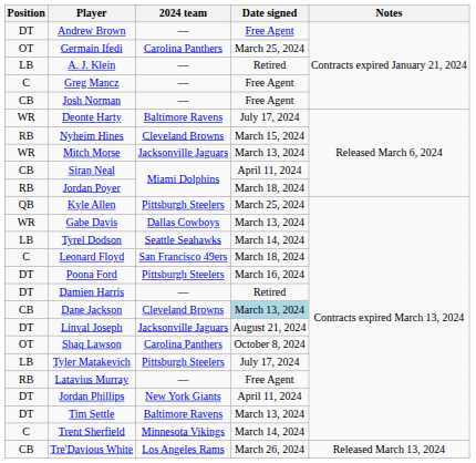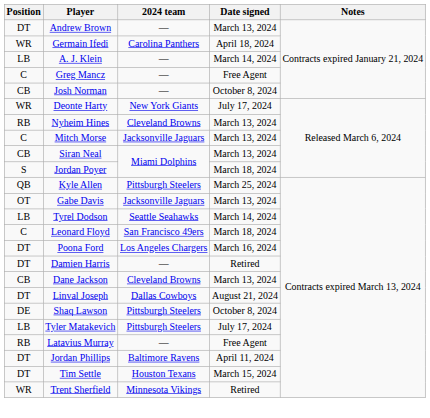 <table class="wikitable sortable" style="text-align:center">
 <tr>
 <th>Position</th>
 <th>Player</th>
 <th>2024 team</th>
 <th>Date signed</th>
 <th>Notes</th>
 </tr>
 <tr>
 <td>DT</td>
 <td><a href='#'>Andrew Brown</a></td>
 <td>—</td>
-<td><a href='#'>Free Agent</a></td>
+<td>March 13, 2024</td>
 <td rowspan=5>Contracts expired January 21, 2024</td>
 </tr>
 <tr>
-<td>OT</td>
+<td>WR</td>
 <td><a href='#'>Germain Ifedi</a></td>
 <td><a href='#'>Carolina Panthers</a></td>
-<td>March 25, 2024</td>
+<td>April 18, 2024</td>
 </tr>
 <tr>
 <td>LB</td>
 <td><a href='#'>A. J. Klein</a></td>
 <td>—</td>
-<td>Retired</td>
+<td>March 14, 2024</td>
 </tr>
 <tr>
 <td>C</td>
 <td><a href='#'>Greg Mancz</a></td>
 <td>—</td>
 <td>Free Agent</td>
 </tr>
 <tr>
 <td>CB</td>
 <td><a href='#'>Josh Norman</a></td>
 <td>—</td>
-<td>Free Agent</td>
+<td>October 8, 2024</td>
 </tr>
 <tr>
 <td>WR</td>
 <td><a href='#'>Deonte Harty</a></td>
-<td><a href='#'>Baltimore Ravens</a></td>
+<td><a href='#'>New York Giants</a></td>
 <td>July 17, 2024</td>
 <td rowspan=5>Released March 6, 2024</td>
 </tr>
 <tr>
 <td>RB</td>
 <td><a href='#'>Nyheim Hines</a></td>
 <td><a href='#'>Cleveland Browns</a></td>
-<td>March 15, 2024</td>
+<td>March 13, 2024</td>
 </tr>
 <tr>
-<td>WR</td>
+<td>C</td>
 <td><a href='#'>Mitch Morse</a></td>
 <td><a href='#'>Jacksonville Jaguars</a></td>
 <td>March 13, 2024</td>
 </tr>
 <tr>
 <td>CB</td>
 <td><a href='#'>Siran Neal</a></td>
 <td rowspan=2><a href='#'>Miami Dolphins</a></td>
-<td>April 11, 2024</td>
+<td>March 13, 2024</td>
 </tr>
 <tr>
-<td>RB</td>
+<td>S</td>
 <td><a href='#'>Jordan Poyer</a></td>
 <td>March 18, 2024</td>
 </tr>
 <tr>
 <td>QB</td>
 <td><a href='#'>Kyle Allen</a></td>
 <td><a href='#'>Pittsburgh Steelers</a></td>
 <td>March 25, 2024</td>
 <td rowspan=14>Contracts expired March 13, 2024</td>
 </tr>
 <tr>
-<td>WR</td>
+<td>OT</td>
 <td><a href='#'>Gabe Davis</a></td>
-<td><a href='#'>Dallas Cowboys</a></td>
+<td><a href='#'>Jacksonville Jaguars</a></td>
 <td>March 13, 2024</td>
 </tr>
 <tr>
 <td>LB</td>
 <td><a href='#'>Tyrel Dodson</a></td>
 <td><a href='#'>Seattle Seahawks</a></td>
 <td>March 14, 2024</td>
 </tr>
 <tr>
 <td>C</td>
 <td><a href='#'>Leonard Floyd</a></td>
 <td><a href='#'>San Francisco 49ers</a></td>
 <td>March 18, 2024</td>
 </tr>
 <tr>
 <td>DT</td>
 <td><a href='#'>Poona Ford</a></td>
-<td><a href='#'>Pittsburgh Steelers</a></td>
+<td><a href='#'>Los Angeles Chargers</a></td>
 <td>March 16, 2024</td>
 </tr>
 <tr>
 <td>DT</td>
 <td><a href='#'>Damien Harris</a></td>
 <td>—</td>
 <td>Retired</td>
 </tr>
 <tr>
 <td>CB</td>
 <td><a href='#'>Dane Jackson</a></td>
 <td><a href='#'>Cleveland Browns</a></td>
-<td style="background: lightblue;">March 13, 2024</td>
+<td>March 13, 2024</td>
 </tr>
 <tr>
 <td>DT</td>
 <td><a href='#'>Linval Joseph</a></td>
-<td><a href='#'>Jacksonville Jaguars</a></td>
+<td><a href='#'>Dallas Cowboys</a></td>
 <td>August 21, 2024</td>
 </tr>
 <tr>
-<td>OT</td>
+<td>DE</td>
 <td><a href='#'>Shaq Lawson</a></td>
-<td><a href='#'>Carolina Panthers</a></td>
+<td><a href='#'>Pittsburgh Steelers</a></td>
 <td>October 8, 2024</td>
 </tr>
 <tr>
 <td>LB</td>
 <td><a href='#'>Tyler Matakevich</a></td>
 <td><a href='#'>Pittsburgh Steelers</a></td>
 <td>July 17, 2024</td>
 </tr>
 <tr>
 <td>RB</td>
 <td><a href='#'>Latavius Murray</a></td>
 <td>—</td>
 <td>Free Agent</td>
 </tr>
 <tr>
 <td>DT</td>
 <td><a href='#'>Jordan Phillips</a></td>
-<td><a href='#'>New York Giants</a></td>
+<td><a href='#'>Baltimore Ravens</a></td>
 <td>April 11, 2024</td>
 </tr>
 <tr>
 <td>DT</td>
 <td><a href='#'>Tim Settle</a></td>
-<td><a href='#'>Baltimore Ravens</a></td>
-<td>March 13, 2024</td>
+<td><a href='#'>Houston Texans</a></td>
+<td>March 15, 2024</td>
 </tr>
 <tr>
-<td>C</td>
+<td>WR</td>
 <td><a href='#'>Trent Sherfield</a></td>
 <td><a href='#'>Minnesota Vikings</a></td>
-<td>March 14, 2024</td>
-</tr>
-<tr>
-<td>CB</td>
-<td><a href='#'>Tre'Davious White</a></td>
-<td><a href='#'>Los Angeles Rams</a></td>
-<td>March 26, 2024</td>
-<td>Released March 13, 2024</td>
+<td>Retired</td>
 </tr>
 </table>
